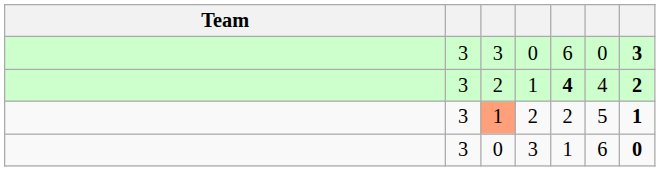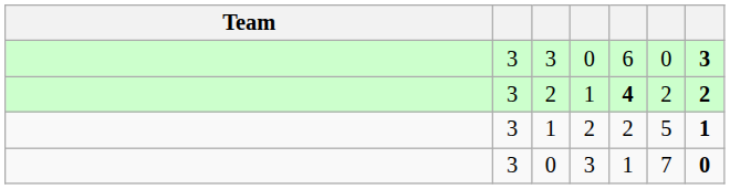 <table class=wikitable style="text-align:center">
 <tr>
 <th width=340>Team</th>
 <th width=20></th>
 <th width=20></th>
 <th width=20></th>
 <th width=20></th>
 <th width=20></th>
 <th width=20></th>
 </tr>
 <tr bgcolor=ccffcc>
 <td style="text-align:left"></td>
 <td>3</td>
 <td>3</td>
 <td>0</td>
 <td>6</td>
 <td>0</td>
 <td><strong>3</strong></td>
 </tr>
 <tr bgcolor=ccffcc>
 <td style="text-align:left"></td>
 <td>3</td>
 <td>2</td>
 <td>1</td>
 <td><strong>4</strong></td>
-<td>4</td>
+<td>2</td>
 <td><strong>2</strong></td>
 </tr>
 <tr>
 <td style="text-align:left"></td>
 <td>3</td>
-<td style="background: lightsalmon;">1</td>
+<td>1</td>
 <td>2</td>
 <td>2</td>
 <td>5</td>
 <td><strong>1</strong></td>
 </tr>
 <tr>
 <td style="text-align:left"></td>
 <td>3</td>
 <td>0</td>
 <td>3</td>
 <td>1</td>
-<td>6</td>
+<td>7</td>
 <td><strong>0</strong></td>
 </tr>
 </table>
